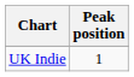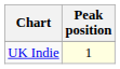 <table class="wikitable plainrowheaders" style="text-align:center">
 <tr>
 <th>Chart</th>
 <th>Peak<br>position</th>
 </tr>
 <tr>
 </tr>
 <tr>
 </tr>
 <tr>
 <td><a href='#'>UK Indie</a></td>
-<td align="center">1</td>
+<td align="center" style="background: lightyellow;">1</td>
 </tr>
 </table>
